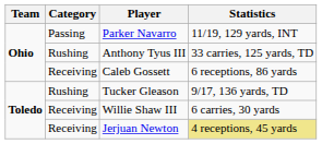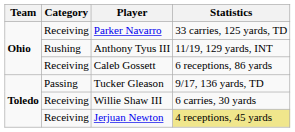 <table class="wikitable" style="float: right;">
 <tr>
 <th>Team</th>
 <th>Category</th>
 <th>Player</th>
 <th>Statistics</th>
 </tr>
 <tr>
 <td rowspan=3><strong>Ohio</strong></td>
-<td>Passing</td>
+<td>Receiving</td>
 <td><a href='#'>Parker Navarro</a></td>
-<td>11/19, 129 yards, INT</td>
+<td>33 carries, 125 yards, TD</td>
 </tr>
 <tr>
 <td>Rushing</td>
 <td>Anthony Tyus III</td>
-<td>33 carries, 125 yards, TD</td>
+<td>11/19, 129 yards, INT</td>
 </tr>
 <tr>
 <td>Receiving</td>
 <td>Caleb Gossett</td>
 <td>6 receptions, 86 yards</td>
 </tr>
 <tr>
 <td rowspan=3><strong>Toledo</strong></td>
-<td>Rushing</td>
+<td>Passing</td>
 <td>Tucker Gleason</td>
 <td>9/17, 136 yards, TD</td>
 </tr>
 <tr>
 <td>Receiving</td>
 <td>Willie Shaw III</td>
 <td>6 carries, 30 yards</td>
 </tr>
 <tr>
 <td>Receiving</td>
 <td><a href='#'>Jerjuan Newton</a></td>
 <td style="background: khaki;">4 receptions, 45 yards</td>
 </tr>
 </table>
